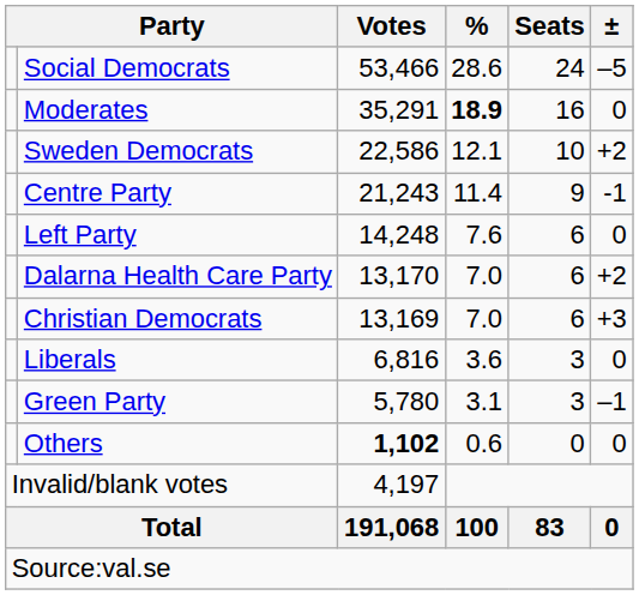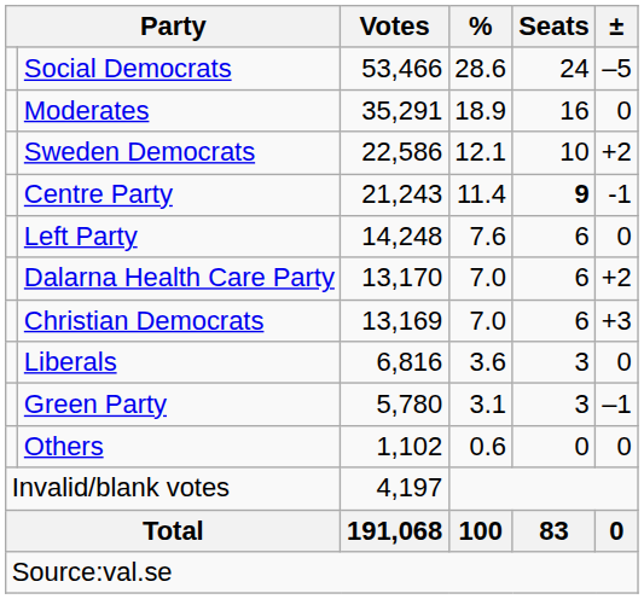 <table class=wikitable style=text-align:right>
 <tr>
 <th colspan=2>Party</th>
 <th>Votes</th>
 <th>%</th>
 <th>Seats</th>
 <th>±</th>
 </tr>
 <tr>
 <td bgcolor=></td>
 <td align=left><a href='#'>Social Democrats</a></td>
 <td>53,466</td>
 <td>28.6</td>
 <td>24</td>
 <td>–5</td>
 </tr>
 <tr>
 <td bgcolor=></td>
 <td align=left><a href='#'>Moderates</a></td>
 <td>35,291</td>
-<td><strong>18.9</strong></td>
+<td>18.9</td>
 <td>16</td>
 <td>0</td>
 </tr>
 <tr>
 <td bgcolor=></td>
 <td align=left><a href='#'>Sweden Democrats</a></td>
 <td>22,586</td>
 <td>12.1</td>
 <td>10</td>
 <td>+2</td>
 </tr>
 <tr>
 <td bgcolor=></td>
 <td align=left><a href='#'>Centre Party</a></td>
 <td>21,243</td>
 <td>11.4</td>
-<td>9</td>
+<td><strong>9</strong></td>
 <td>-1</td>
 </tr>
 <tr>
 <td bgcolor=></td>
 <td align=left><a href='#'>Left Party</a></td>
 <td>14,248</td>
 <td>7.6</td>
 <td>6</td>
 <td>0</td>
 </tr>
 <tr>
 <td></td>
 <td align=left><a href='#'>Dalarna Health Care Party</a></td>
 <td>13,170</td>
 <td>7.0</td>
 <td>6</td>
 <td>+2</td>
 </tr>
 <tr>
 <td bgcolor=></td>
 <td align=left><a href='#'>Christian Democrats</a></td>
 <td>13,169</td>
 <td>7.0</td>
 <td>6</td>
 <td>+3</td>
 </tr>
 <tr>
 <td bgcolor=></td>
 <td align=left><a href='#'>Liberals</a></td>
 <td>6,816</td>
 <td>3.6</td>
 <td>3</td>
 <td>0</td>
 </tr>
 <tr>
 <td bgcolor=></td>
 <td align=left><a href='#'>Green Party</a></td>
 <td>5,780</td>
 <td>3.1</td>
 <td>3</td>
 <td>–1</td>
 </tr>
 <tr>
 <td></td>
 <td align=left><a href='#'>Others</a></td>
-<td><strong>1,102</strong></td>
+<td>1,102</td>
 <td>0.6</td>
 <td>0</td>
 <td>0</td>
 </tr>
 <tr>
 <td align=left colspan=2>Invalid/blank votes</td>
 <td>4,197</td>
 <td colspan=3></td>
 </tr>
 <tr>
 <th align=left colspan=2>Total</th>
 <th>191,068</th>
 <th>100</th>
 <th>83</th>
 <th>0</th>
 </tr>
 <tr>
 <td align=left colspan=6>Source:val.se </td>
 </tr>
 </table>
